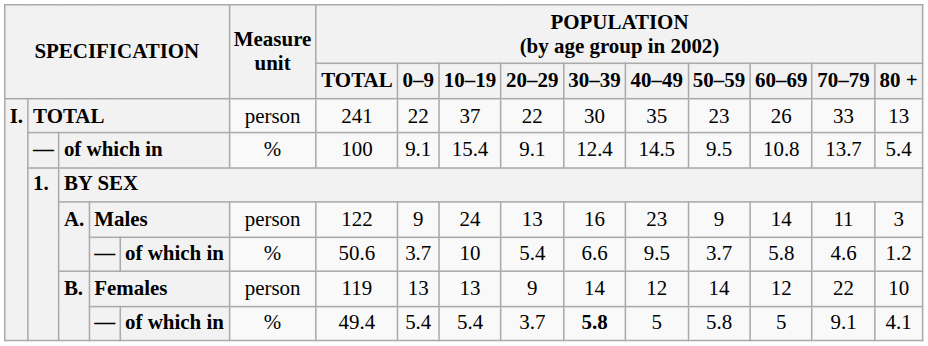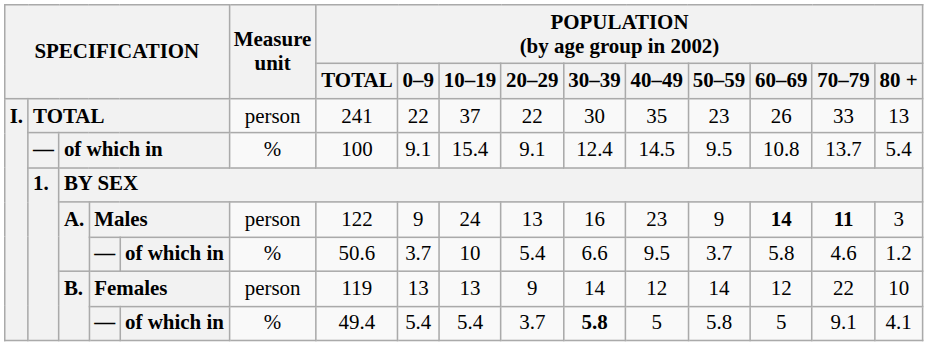 <table class="wikitable" style="font-size:85%; text-align:center">
 <tr>
 <th rowspan="2" colspan="5">SPECIFICATION</th>
 <th rowspan="2">Measure<br> unit</th>
 <th colspan="10" rowspan="1">POPULATION<br> (by age group in 2002)</th>
 </tr>
 <tr>
 <th>TOTAL</th>
 <th>0–9</th>
 <th>10–19</th>
 <th>20–29</th>
 <th>30–39</th>
 <th>40–49</th>
 <th>50–59</th>
 <th>60–69</th>
 <th>70–79</th>
 <th>80 +</th>
 </tr>
 <tr>
 <th style="text-align:left" valign="top" rowspan="7">I.</th>
 <th style="text-align:left" colspan="4">TOTAL</th>
 <td>person</td>
 <td>241</td>
 <td>22</td>
 <td>37</td>
 <td>22</td>
 <td>30</td>
 <td>35</td>
 <td>23</td>
 <td>26</td>
 <td>33</td>
 <td>13</td>
 </tr>
 <tr>
 <th style="text-align:left" valign="top">—</th>
 <th style="text-align:left" colspan="3">of which in</th>
 <td>%</td>
 <td>100</td>
 <td>9.1</td>
 <td>15.4</td>
 <td>9.1</td>
 <td>12.4</td>
 <td>14.5</td>
 <td>9.5</td>
 <td>10.8</td>
 <td>13.7</td>
 <td>5.4</td>
 </tr>
 <tr>
 <th style="text-align:left" valign="top" rowspan="5">1.</th>
 <th style="text-align:left" colspan="14">BY SEX</th>
 </tr>
 <tr>
 <th style="text-align:left" valign="top" rowspan="2">A.</th>
 <th style="text-align:left" colspan="2">Males</th>
 <td>person</td>
 <td>122</td>
 <td>9</td>
 <td>24</td>
 <td>13</td>
 <td>16</td>
 <td>23</td>
 <td>9</td>
-<td>14</td>
-<td>11</td>
+<td><strong>14</strong></td>
+<td><strong>11</strong></td>
 <td>3</td>
 </tr>
 <tr>
 <th style="text-align:left" valign="top">—</th>
 <th style="text-align:left" colspan="1">of which in</th>
 <td>%</td>
 <td>50.6</td>
 <td>3.7</td>
 <td>10</td>
 <td>5.4</td>
 <td>6.6</td>
 <td>9.5</td>
 <td>3.7</td>
 <td>5.8</td>
 <td>4.6</td>
 <td>1.2</td>
 </tr>
 <tr>
 <th style="text-align:left" valign="top" rowspan="2">B.</th>
 <th style="text-align:left" colspan="2">Females</th>
 <td>person</td>
 <td>119</td>
 <td>13</td>
 <td>13</td>
 <td>9</td>
 <td>14</td>
 <td>12</td>
 <td>14</td>
 <td>12</td>
 <td>22</td>
 <td>10</td>
 </tr>
 <tr>
 <th style="text-align:left" valign="top">—</th>
 <th style="text-align:left" colspan="1">of which in</th>
 <td>%</td>
 <td>49.4</td>
 <td>5.4</td>
 <td>5.4</td>
 <td>3.7</td>
 <td><strong>5.8</strong></td>
 <td>5</td>
 <td>5.8</td>
 <td>5</td>
 <td>9.1</td>
 <td>4.1</td>
 </tr>
 </table>
